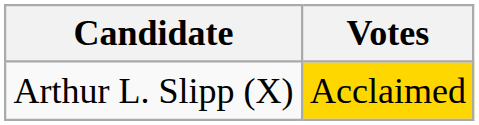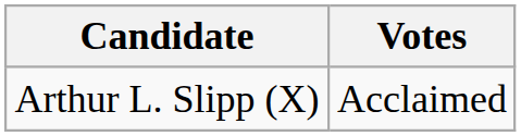 <table class="wikitable">
 <tr>
 <th>Candidate</th>
 <th>Votes</th>
 </tr>
 <tr>
 <td>Arthur L. Slipp (X)</td>
-<td style="background: gold;">Acclaimed</td>
+<td>Acclaimed</td>
 </tr>
 </table>
